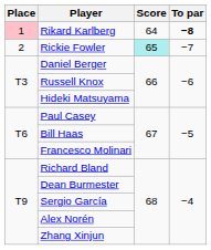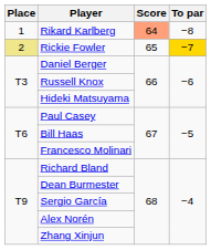 <table class="wikitable">
 <tr>
 <th>Place</th>
 <th>Player</th>
 <th>Score</th>
 <th>To par</th>
 </tr>
 <tr>
-<td align=center style="background: pink;">1</td>
+<td align=center>1</td>
 <td> <a href='#'>Rikard Karlberg</a></td>
-<td align=center>64</td>
-<td align=center><strong>−8</strong></td>
+<td align=center style="background: lightsalmon;">64</td>
+<td align=center>−8</td>
 </tr>
 <tr>
-<td align=center>2</td>
+<td align=center style="background: khaki;">2</td>
 <td> <a href='#'>Rickie Fowler</a></td>
-<td align=center style="background: paleturquoise;">65</td>
-<td align=center>−7</td>
+<td align=center>65</td>
+<td align=center style="background: gold;">−7</td>
 </tr>
 <tr>
 <td rowspan=3 align=center>T3</td>
 <td> <a href='#'>Daniel Berger</a></td>
 <td rowspan=3 align=center>66</td>
 <td rowspan=3 align=center>−6</td>
 </tr>
 <tr>
 <td> <a href='#'>Russell Knox</a></td>
 </tr>
 <tr>
 <td> <a href='#'>Hideki Matsuyama</a></td>
 </tr>
 <tr>
 <td rowspan=3 align=center>T6</td>
 <td> <a href='#'>Paul Casey</a></td>
 <td rowspan=3 align=center>67</td>
 <td rowspan=3 align=center>−5</td>
 </tr>
 <tr>
 <td> <a href='#'>Bill Haas</a></td>
 </tr>
 <tr>
 <td> <a href='#'>Francesco Molinari</a></td>
 </tr>
 <tr>
 <td rowspan=5 align=center>T9</td>
 <td> <a href='#'>Richard Bland</a></td>
 <td rowspan=5 align=center>68</td>
 <td rowspan=5 align=center>−4</td>
 </tr>
 <tr>
 <td> <a href='#'>Dean Burmester</a></td>
 </tr>
 <tr>
 <td> <a href='#'>Sergio García</a></td>
 </tr>
 <tr>
 <td> <a href='#'>Alex Norén</a></td>
 </tr>
 <tr>
 <td> <a href='#'>Zhang Xinjun</a></td>
 </tr>
 </table>
